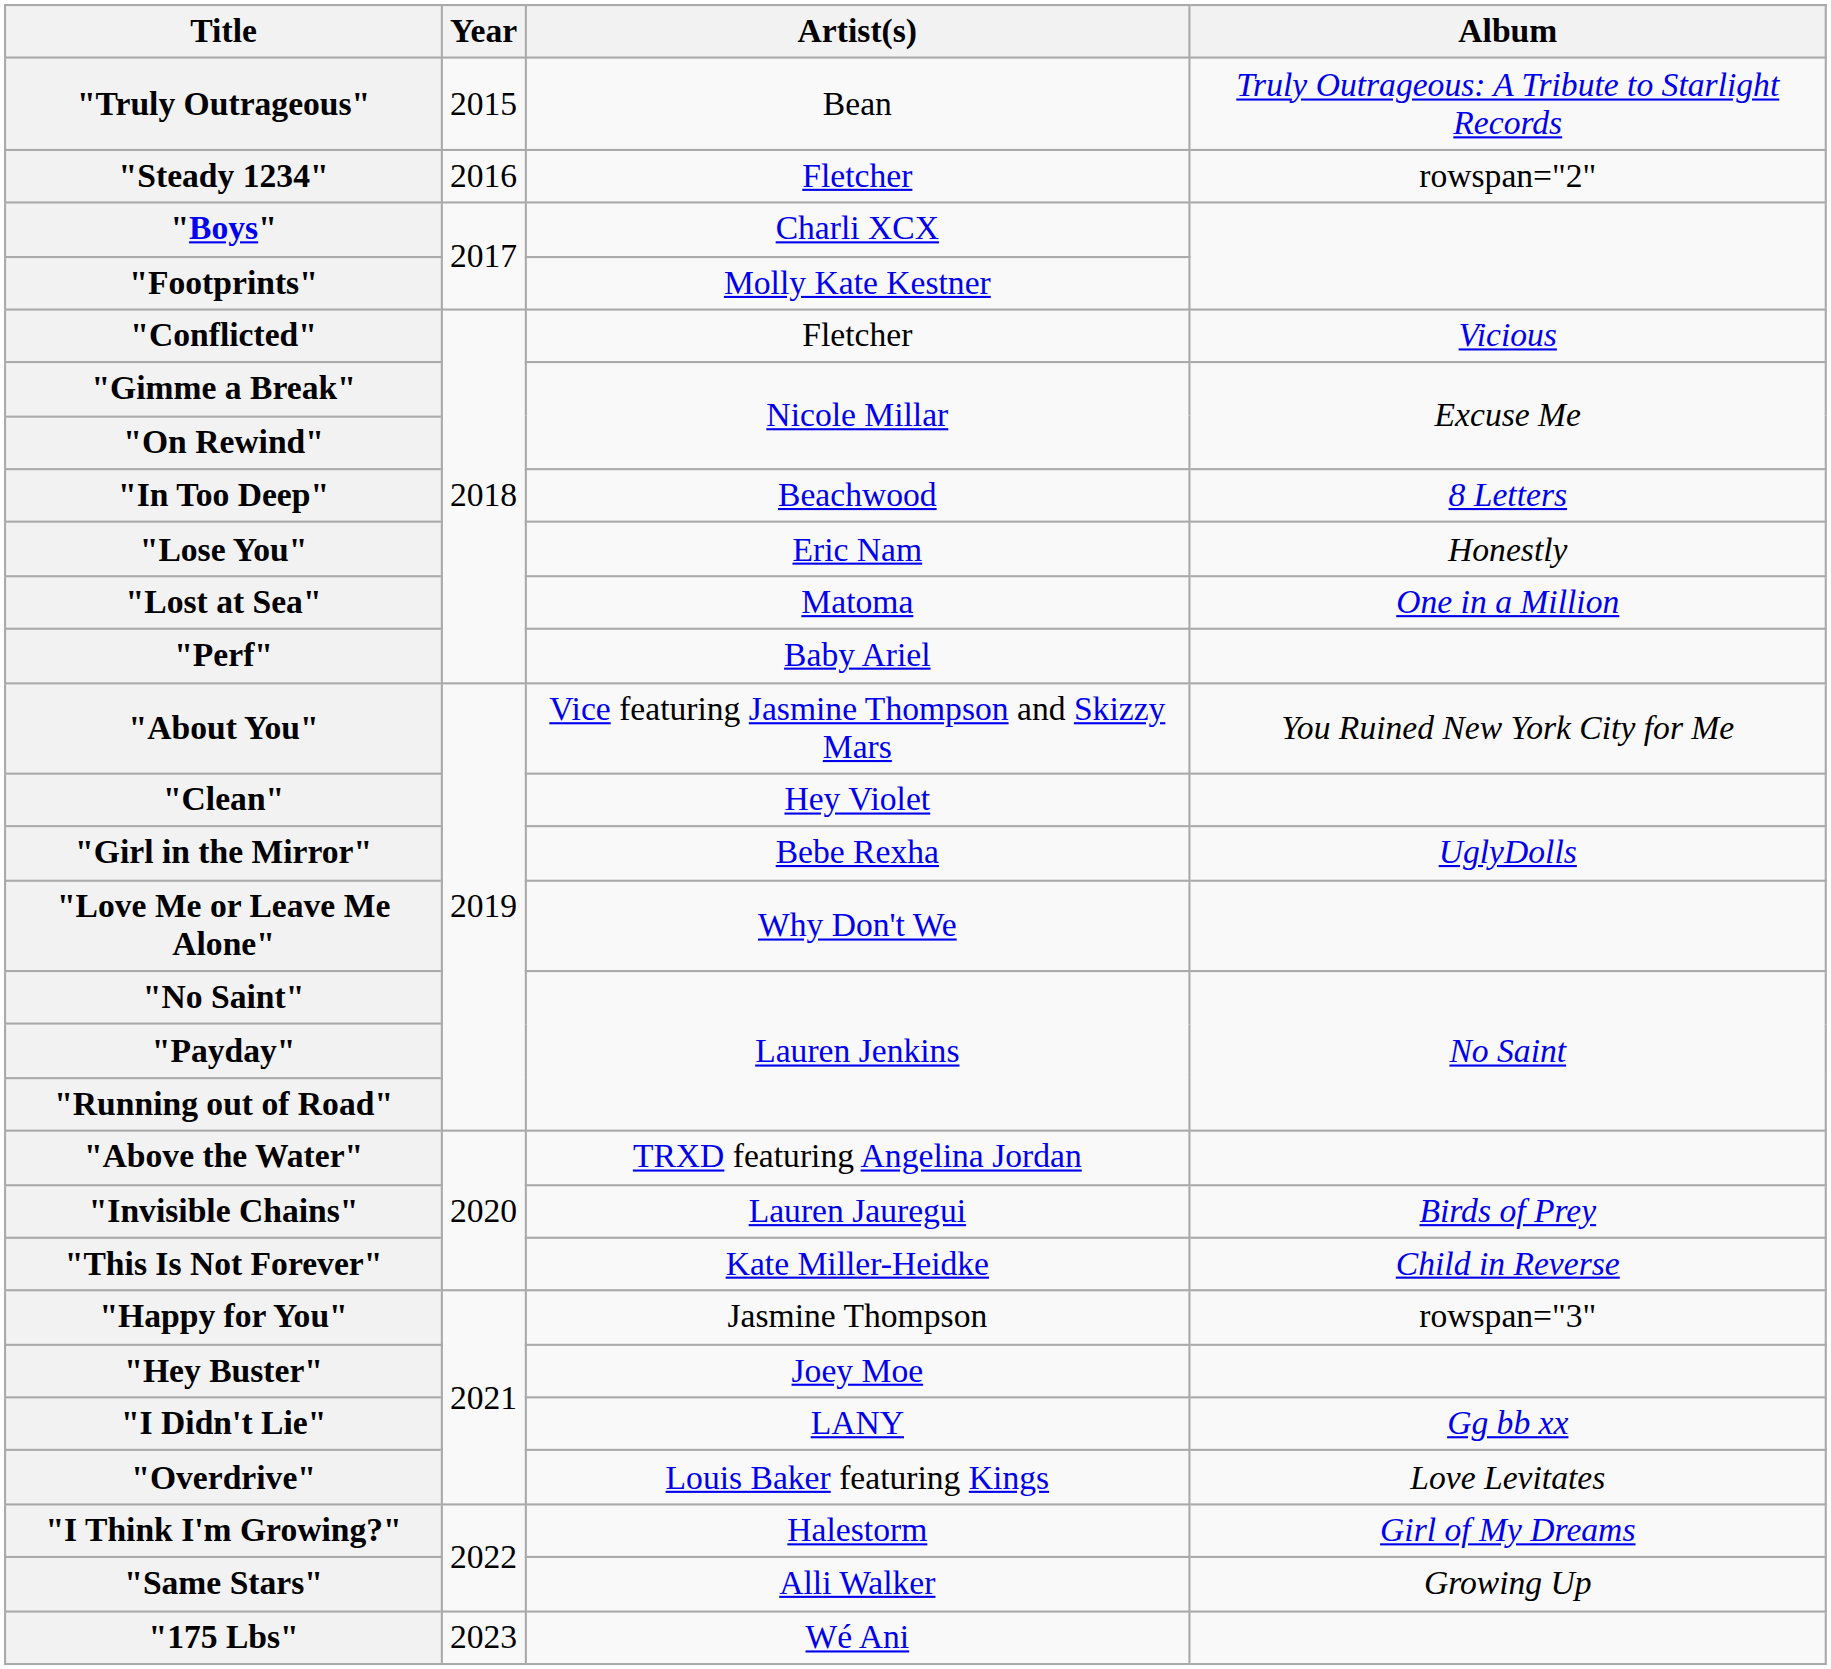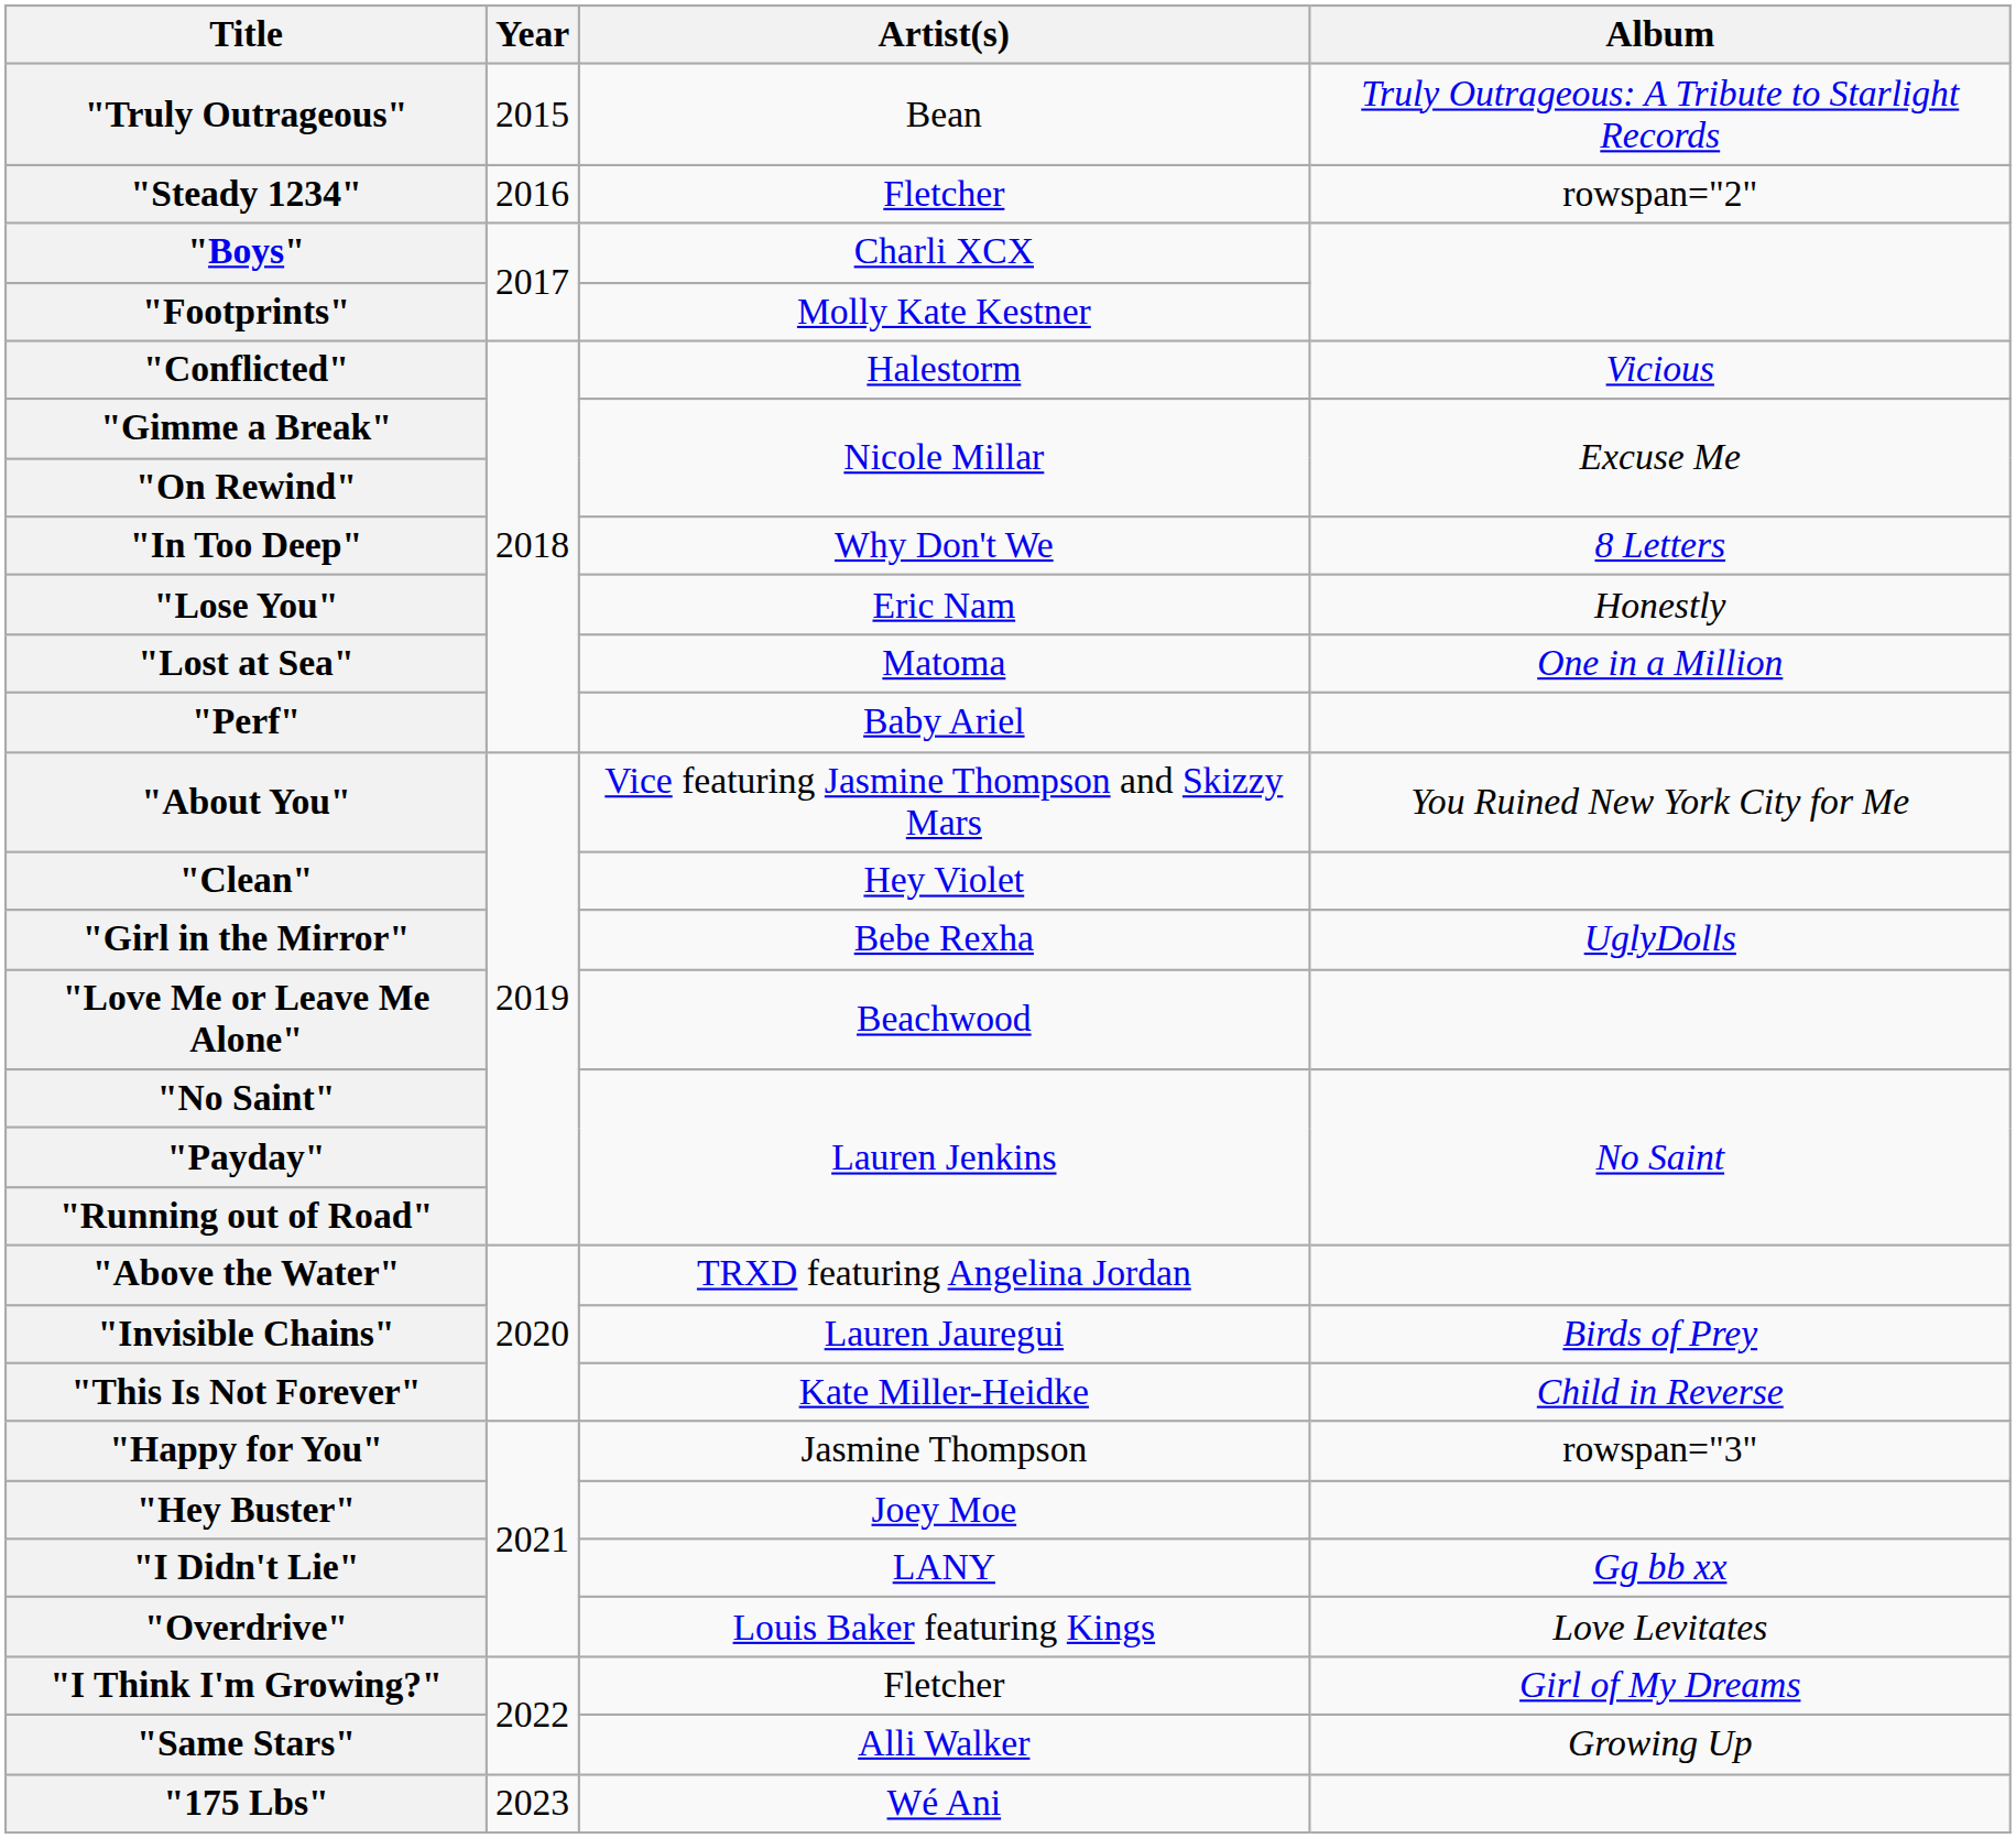 <table class="wikitable plainrowheaders" style="text-align:center">
 <tr>
 <th scope="col">Title</th>
 <th scope="col">Year</th>
 <th scope="col">Artist(s)</th>
 <th scope="col">Album</th>
 </tr>
 <tr>
 <th scope="row">"Truly Outrageous"</th>
 <td>2015</td>
 <td>Bean</td>
 <td><em><a href='#'>Truly Outrageous: A Tribute to Starlight Records</a></em></td>
 </tr>
 <tr>
 <th scope="row">"Steady 1234"</th>
 <td>2016</td>
 <td><a href='#'>Fletcher</a></td>
 <td>rowspan="2" </td>
 </tr>
 <tr>
 <th scope="row">"<a href='#'>Boys</a>"</th>
 <td rowspan="2">2017</td>
 <td><a href='#'>Charli XCX</a></td>
 </tr>
 <tr>
 <th scope="row">"Footprints"</th>
 <td><a href='#'>Molly Kate Kestner</a></td>
 </tr>
 <tr>
 <th scope="row">"Conflicted"</th>
 <td rowspan="7">2018</td>
-<td>Fletcher</td>
+<td><a href='#'>Halestorm</a></td>
 <td><em><a href='#'>Vicious</a></em></td>
 </tr>
 <tr>
 <th scope="row">"Gimme a Break"</th>
 <td rowspan="2"><a href='#'>Nicole Millar</a></td>
 <td rowspan="2"><em>Excuse Me</em></td>
 </tr>
 <tr>
 <th scope="row">"On Rewind"</th>
 </tr>
 <tr>
 <th scope="row">"In Too Deep"</th>
-<td><a href='#'>Beachwood</a></td>
+<td><a href='#'>Why Don't We</a></td>
 <td><em><a href='#'>8 Letters</a></em></td>
 </tr>
 <tr>
 <th scope="row">"Lose You"</th>
 <td><a href='#'>Eric Nam</a></td>
 <td><em>Honestly</em></td>
 </tr>
 <tr>
 <th scope="row">"Lost at Sea"</th>
 <td><a href='#'>Matoma</a></td>
 <td><em><a href='#'>One in a Million</a></em></td>
 </tr>
 <tr>
 <th scope="row">"Perf"</th>
 <td><a href='#'>Baby Ariel</a></td>
 <td></td>
 </tr>
 <tr>
 <th scope="row">"About You"</th>
 <td rowspan="7">2019</td>
 <td><a href='#'>Vice</a> featuring <a href='#'>Jasmine Thompson</a> and <a href='#'>Skizzy Mars</a></td>
 <td><em>You Ruined New York City for Me</em></td>
 </tr>
 <tr>
 <th scope="row">"Clean"</th>
 <td><a href='#'>Hey Violet</a></td>
 <td></td>
 </tr>
 <tr>
 <th scope="row">"Girl in the Mirror"</th>
 <td><a href='#'>Bebe Rexha</a></td>
 <td><em><a href='#'>UglyDolls</a></em></td>
 </tr>
 <tr>
 <th scope="row">"Love Me or Leave Me Alone"</th>
-<td><a href='#'>Why Don't We</a></td>
+<td><a href='#'>Beachwood</a></td>
 <td></td>
 </tr>
 <tr>
 <th scope="row">"No Saint"</th>
 <td rowspan="3"><a href='#'>Lauren Jenkins</a></td>
 <td rowspan="3"><em><a href='#'>No Saint</a></em></td>
 </tr>
 <tr>
 <th scope="row">"Payday"</th>
 </tr>
 <tr>
 <th scope="row">"Running out of Road"</th>
 </tr>
 <tr>
 <th scope="row">"Above the Water"</th>
 <td rowspan="3">2020</td>
 <td><a href='#'>TRXD</a> featuring <a href='#'>Angelina Jordan</a></td>
 <td></td>
 </tr>
 <tr>
 <th scope="row">"Invisible Chains"</th>
 <td><a href='#'>Lauren Jauregui</a></td>
 <td><em><a href='#'>Birds of Prey</a></em></td>
 </tr>
 <tr>
 <th scope="row">"This Is Not Forever"</th>
 <td><a href='#'>Kate Miller-Heidke</a></td>
 <td><em><a href='#'>Child in Reverse</a></em></td>
 </tr>
 <tr>
 <th scope="row">"Happy for You"</th>
 <td rowspan="4">2021</td>
 <td>Jasmine Thompson</td>
 <td>rowspan="3" </td>
 </tr>
 <tr>
 <th scope="row">"Hey Buster"</th>
 <td><a href='#'>Joey Moe</a></td>
 </tr>
 <tr>
 <th scope="row">"I Didn't Lie"</th>
 <td><a href='#'>LANY</a></td>
 <td><em><a href='#'>Gg bb xx</a></em></td>
 </tr>
 <tr>
 <th scope="row">"Overdrive"</th>
 <td><a href='#'>Louis Baker</a> featuring <a href='#'>Kings</a></td>
 <td><em>Love Levitates</em></td>
 </tr>
 <tr>
 <th scope="row">"I Think I'm Growing?"</th>
 <td rowspan="2">2022</td>
-<td><a href='#'>Halestorm</a></td>
+<td>Fletcher</td>
 <td><em><a href='#'>Girl of My Dreams</a></em></td>
 </tr>
 <tr>
 <th scope="row">"Same Stars"</th>
 <td><a href='#'>Alli Walker</a></td>
 <td><em>Growing Up</em></td>
 </tr>
 <tr>
 <th scope="row">"175 Lbs"</th>
 <td>2023</td>
 <td><a href='#'>Wé Ani</a></td>
 <td></td>
 </tr>
 </table>
